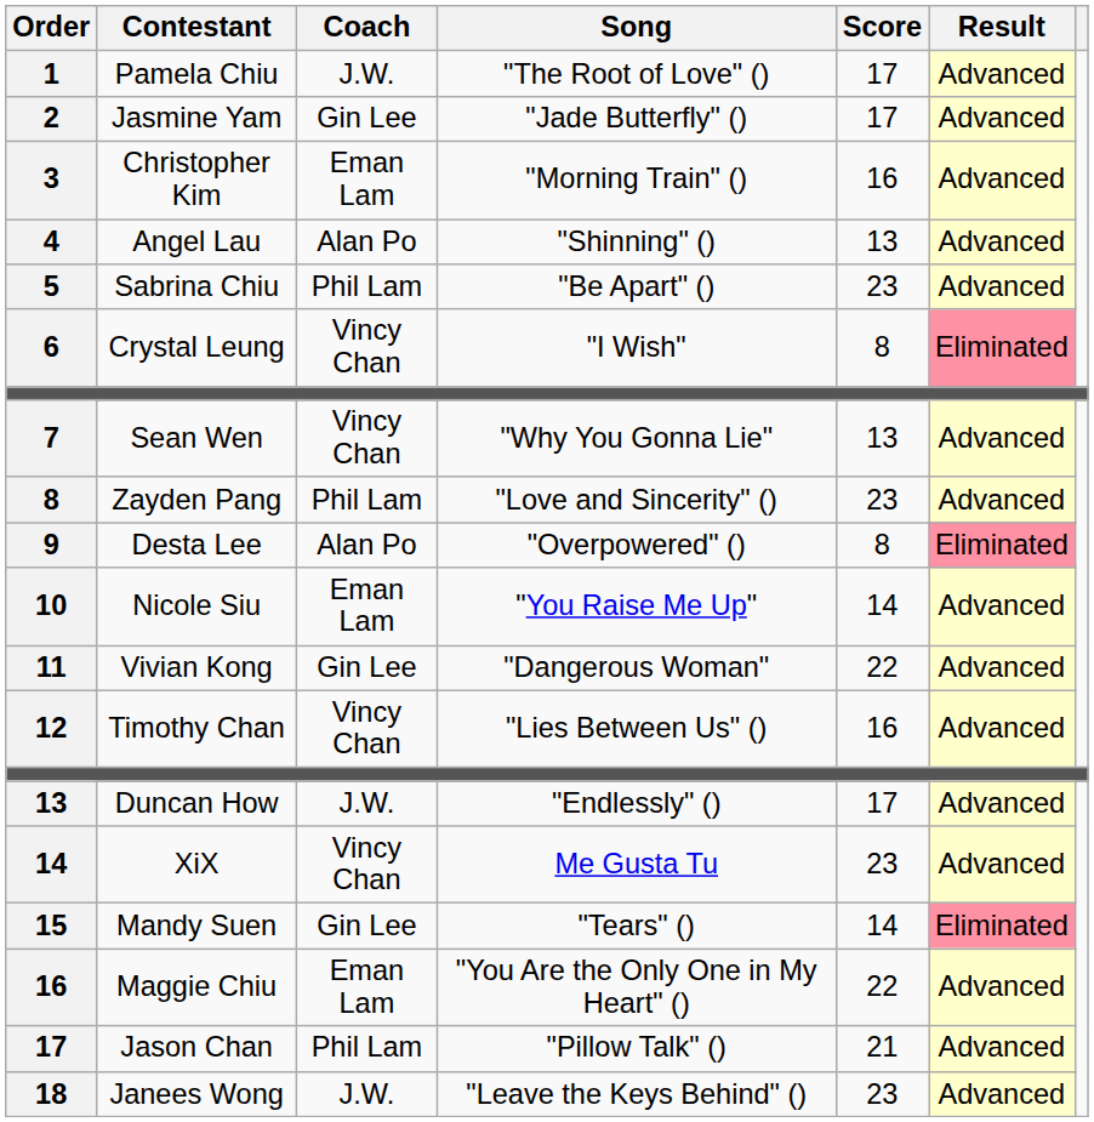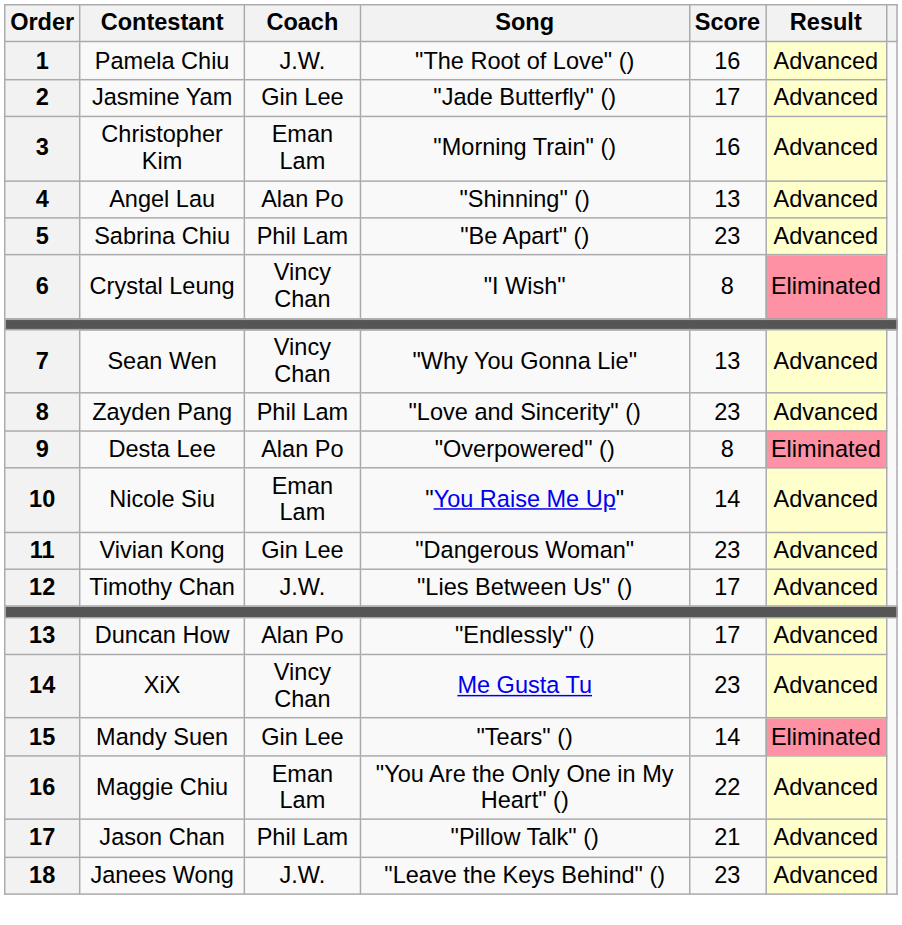 <table class="wikitable unsortable" style="text-align:center; line-height:18px;">
 <tr>
 <th scope="col">Order</th>
 <th scope="col">Contestant</th>
 <th scope="col">Coach</th>
 <th scope="col">Song</th>
 <th>Score</th>
 <th scope="col">Result</th>
 <th></th>
 </tr>
 <tr>
 <th scope="row">1</th>
 <td>Pamela Chiu</td>
 <td>J.W.</td>
 <td>"The Root of Love" () </td>
-<td>17</td>
+<td>16</td>
 <td style="background:#FFFFCC;">Advanced</td>
 <td rowspan="6"></td>
 </tr>
 <tr>
 <th scope="row">2</th>
 <td>Jasmine Yam</td>
 <td>Gin Lee</td>
 <td>"Jade Butterfly" () </td>
 <td>17</td>
 <td style="background:#FFFFCC;">Advanced</td>
 </tr>
 <tr>
 <th scope="row">3</th>
 <td>Christopher Kim</td>
 <td>Eman Lam</td>
 <td>"Morning Train" () </td>
 <td>16</td>
 <td style="background:#FFFFCC;">Advanced</td>
 </tr>
 <tr>
 <th scope="row">4</th>
 <td>Angel Lau</td>
 <td>Alan Po</td>
 <td>"Shinning" () </td>
 <td>13</td>
 <td style="background:#FFFFCC;">Advanced</td>
 </tr>
 <tr>
 <th scope="row">5</th>
 <td>Sabrina Chiu</td>
 <td>Phil Lam</td>
 <td>"Be Apart" () </td>
 <td>23</td>
 <td style="background:#FFFFCC;">Advanced</td>
 </tr>
 <tr>
 <th scope="row">6</th>
 <td>Crystal Leung</td>
 <td>Vincy Chan</td>
 <td>"I Wish" </td>
 <td>8</td>
 <td style="background:#FF91A4;">Eliminated</td>
 </tr>
 <tr>
 <td colspan="7" style="background:#555555;"></td>
 </tr>
 <tr>
 <th scope="row">7</th>
 <td>Sean Wen</td>
 <td>Vincy Chan</td>
 <td>"Why You Gonna Lie" </td>
 <td>13</td>
 <td style="background:#FFFFCC;">Advanced</td>
 <td rowspan="6"></td>
 </tr>
 <tr>
 <th scope="row">8</th>
 <td>Zayden Pang</td>
 <td>Phil Lam</td>
 <td>"Love and Sincerity" () </td>
 <td>23</td>
 <td style="background:#FFFFCC;">Advanced</td>
 </tr>
 <tr>
 <th scope="row">9</th>
 <td>Desta Lee</td>
 <td>Alan Po</td>
 <td>"Overpowered" () </td>
 <td>8</td>
 <td style="background:#FF91A4;">Eliminated</td>
 </tr>
 <tr>
 <th scope="row">10</th>
 <td>Nicole Siu</td>
 <td>Eman Lam</td>
 <td>"<a href='#'>You Raise Me Up</a>" </td>
 <td>14</td>
 <td style="background:#FFFFCC;">Advanced</td>
 </tr>
 <tr>
 <th scope="row">11</th>
 <td>Vivian Kong</td>
 <td>Gin Lee</td>
 <td>"Dangerous Woman" </td>
-<td>22</td>
+<td>23</td>
 <td style="background:#FFFFCC;">Advanced</td>
 </tr>
 <tr>
 <th scope="row">12</th>
 <td>Timothy Chan</td>
-<td>Vincy Chan</td>
+<td>J.W.</td>
 <td>"Lies Between Us" () </td>
-<td>16</td>
+<td>17</td>
 <td style="background:#FFFFCC;">Advanced</td>
 </tr>
 <tr>
 <td colspan="7" style="background:#555555;"></td>
 </tr>
 <tr>
 <th scope="row">13</th>
 <td>Duncan How</td>
-<td>J.W.</td>
+<td>Alan Po</td>
 <td>"Endlessly" () </td>
 <td>17</td>
 <td style="background:#FFFFCC;">Advanced</td>
 <td rowspan="6"></td>
 </tr>
 <tr>
 <th scope="row">14</th>
 <td>XiX</td>
 <td>Vincy Chan</td>
 <td><a href='#'>Me Gusta Tu</a> </td>
 <td>23</td>
 <td style="background:#FFFFCC;">Advanced</td>
 </tr>
 <tr>
 <th scope="row">15</th>
 <td>Mandy Suen</td>
 <td>Gin Lee</td>
 <td>"Tears" () </td>
 <td>14</td>
 <td style="background:#FF91A4;">Eliminated</td>
 </tr>
 <tr>
 <th scope="row">16</th>
 <td>Maggie Chiu</td>
 <td>Eman Lam</td>
 <td>"You Are the Only One in My Heart" () </td>
 <td>22</td>
 <td style="background:#FFFFCC;">Advanced</td>
 </tr>
 <tr>
 <th scope="row">17</th>
 <td>Jason Chan</td>
 <td>Phil Lam</td>
 <td>"Pillow Talk" () </td>
 <td>21</td>
 <td style="background:#FFFFCC;">Advanced</td>
 </tr>
 <tr>
 <th scope="row">18</th>
 <td>Janees Wong</td>
 <td>J.W.</td>
 <td>"Leave the Keys Behind" () </td>
 <td>23</td>
 <td style="background:#FFFFCC;">Advanced</td>
 </tr>
 </table>
